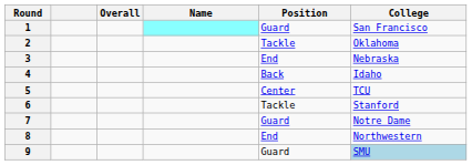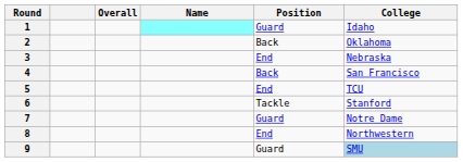 <table class="wikitable sortable" style="width: 50%;">
 <tr>
 <th scope="col" style="width: 10%;">Round</th>
 <th scope="col" style="width: 10%;"></th>
 <th scope="col" style="width: 10%;">Overall</th>
 <th scope="col" style="width: 25%;">Name</th>
 <th scope="col" style="width: 20%;">Position</th>
 <th scope="col" style="width: 25%;">College</th>
 </tr>
 <tr>
 <th scope="row">1</th>
 <td></td>
 <td></td>
 <td style="background:#88FFFF;"> <sup></sup></td>
 <td><a href='#'>Guard</a></td>
-<td><a href='#'>San Francisco</a></td>
+<td><a href='#'>Idaho</a></td>
 </tr>
 <tr>
 <th scope="row">2</th>
 <td></td>
 <td></td>
 <td></td>
-<td><a href='#'>Tackle</a></td>
+<td>Back</td>
 <td><a href='#'>Oklahoma</a></td>
 </tr>
 <tr>
 <th scope="row">3</th>
 <td></td>
 <td></td>
 <td></td>
 <td><a href='#'>End</a></td>
 <td><a href='#'>Nebraska</a></td>
 </tr>
 <tr>
 <th scope="row">4</th>
 <td></td>
 <td></td>
 <td></td>
 <td><a href='#'>Back</a></td>
-<td><a href='#'>Idaho</a></td>
+<td><a href='#'>San Francisco</a></td>
 </tr>
 <tr>
 <th scope="row">5</th>
 <td></td>
 <td></td>
 <td></td>
-<td><a href='#'>Center</a></td>
+<td><a href='#'>End</a></td>
 <td><a href='#'>TCU</a></td>
 </tr>
 <tr>
 <th scope="row">6</th>
 <td></td>
 <td></td>
 <td></td>
 <td>Tackle</td>
 <td><a href='#'>Stanford</a></td>
 </tr>
 <tr>
 <th scope="row">7</th>
 <td></td>
 <td></td>
 <td></td>
 <td><a href='#'>Guard</a></td>
 <td><a href='#'>Notre Dame</a></td>
 </tr>
 <tr>
 <th scope="row">8</th>
 <td></td>
 <td></td>
 <td></td>
 <td><a href='#'>End</a></td>
 <td><a href='#'>Northwestern</a></td>
 </tr>
 <tr>
 <th scope="row">9</th>
 <td></td>
 <td></td>
 <td></td>
 <td>Guard</td>
 <td style="background: lightblue;"><a href='#'>SMU</a></td>
 </tr>
 </table>
